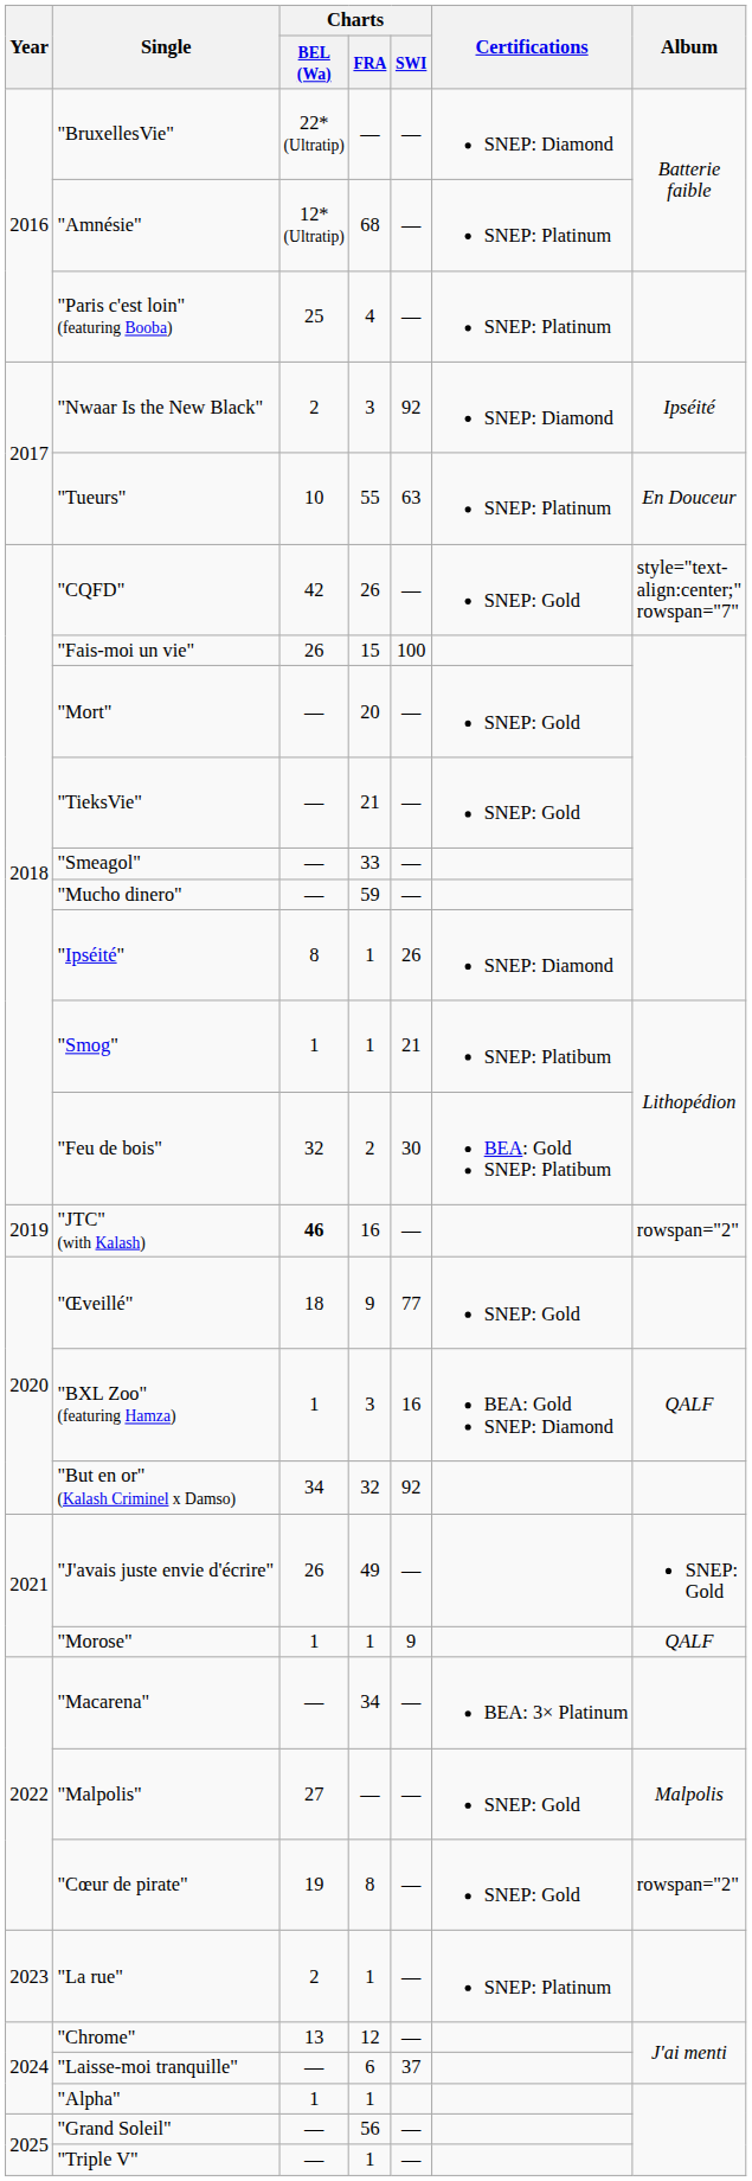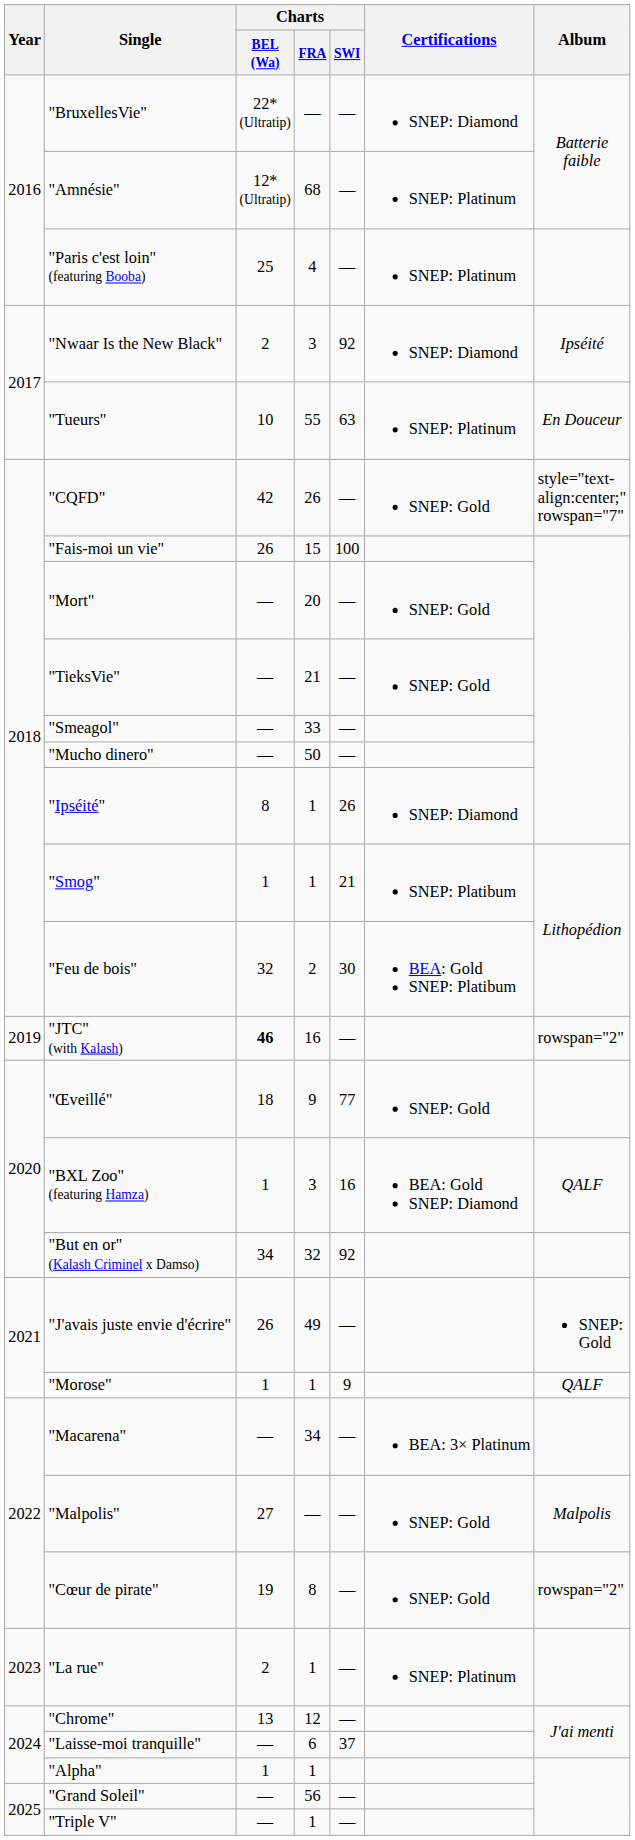 <table class="wikitable">
 <tr>
 <th style="text-align:center; width:10px" rowspan="2">Year</th>
 <th rowspan="2" style="text-align:center; width:180px;">Single</th>
 <th style="text-align:center;" colspan="3">Charts</th>
 <th align="center" rowspan="2"><a href='#'>Certifications</a></th>
 <th rowspan="2" style="text-align:center; width:80px;">Album</th>
 </tr>
 <tr>
 <th width="20"><small><a href='#'>BEL<br>(Wa)</a></small><br></th>
 <th width="20"><small><a href='#'>FRA</a><br></small></th>
 <th width="20"><small><a href='#'>SWI</a></small><br></th>
 </tr>
 <tr>
 <td style="text-align:center;" rowspan=3>2016</td>
 <td>"BruxellesVie"</td>
 <td style="text-align:center;">22* <br><small>(Ultratip)</small></td>
 <td style="text-align:center;">—</td>
 <td style="text-align:center;">—</td>
 <td><br><ul><li>SNEP: Diamond</li></ul></td>
 <td style="text-align:center;" rowspan=2><em>Batterie faible</em></td>
 </tr>
 <tr>
 <td>"Amnésie"</td>
 <td style="text-align:center;">12* <br><small>(Ultratip)</small></td>
 <td style="text-align:center;">68</td>
 <td style="text-align:center;">—</td>
 <td><br><ul><li>SNEP: Platinum</li></ul></td>
 </tr>
 <tr>
 <td>"Paris c'est loin" <br><small>(featuring <a href='#'>Booba</a>)</small></td>
 <td style="text-align:center;">25</td>
 <td style="text-align:center;">4</td>
 <td style="text-align:center;">—</td>
 <td><br><ul><li>SNEP: Platinum</li></ul></td>
 <td style="text-align:center;"></td>
 </tr>
 <tr>
 <td style="text-align:center;" rowspan="2">2017</td>
 <td>"Nwaar Is the New Black"</td>
 <td style="text-align:center;">2</td>
 <td style="text-align:center;">3</td>
 <td style="text-align:center;">92</td>
 <td><br><ul><li>SNEP: Diamond</li></ul></td>
 <td style="text-align:center;"><em>Ipséité</em></td>
 </tr>
 <tr>
 <td>"Tueurs"</td>
 <td style="text-align:center;">10</td>
 <td style="text-align:center;">55</td>
 <td style="text-align:center;">63</td>
 <td><br><ul><li>SNEP: Platinum</li></ul></td>
 <td style="text-align:center;"><em>En Douceur</em></td>
 </tr>
 <tr>
 <td style="text-align:center;" rowspan="9">2018</td>
 <td>"CQFD"</td>
 <td style="text-align:center;">42</td>
 <td style="text-align:center;">26</td>
 <td style="text-align:center;">—</td>
 <td><br><ul><li>SNEP: Gold</li></ul></td>
 <td>style="text-align:center;" rowspan="7" </td>
 </tr>
 <tr>
 <td>"Fais-moi un vie"</td>
 <td style="text-align:center;">26</td>
 <td style="text-align:center;">15</td>
 <td style="text-align:center;">100</td>
 <td></td>
 </tr>
 <tr>
 <td>"Mort"</td>
 <td style="text-align:center;">—</td>
 <td style="text-align:center;">20</td>
 <td style="text-align:center;">—</td>
 <td><br><ul><li>SNEP: Gold</li></ul></td>
 </tr>
 <tr>
 <td>"TieksVie"</td>
 <td style="text-align:center;">—</td>
 <td style="text-align:center;">21</td>
 <td style="text-align:center;">—</td>
 <td><br><ul><li>SNEP: Gold</li></ul></td>
 </tr>
 <tr>
 <td>"Smeagol"</td>
 <td style="text-align:center;">—</td>
 <td style="text-align:center;">33</td>
 <td style="text-align:center;">—</td>
 <td></td>
 </tr>
 <tr>
 <td>"Mucho dinero"</td>
 <td style="text-align:center;">—</td>
-<td style="text-align:center;">59</td>
+<td style="text-align:center;">50</td>
 <td style="text-align:center;">—</td>
 <td></td>
 </tr>
 <tr>
 <td>"<a href='#'>Ipséité</a>"</td>
 <td style="text-align:center;">8</td>
 <td style="text-align:center;">1</td>
 <td style="text-align:center;">26</td>
 <td><br><ul><li>SNEP: Diamond</li></ul></td>
 </tr>
 <tr>
 <td>"<a href='#'>Smog</a>"</td>
 <td style="text-align:center;">1</td>
 <td style="text-align:center;">1</td>
 <td style="text-align:center;">21</td>
 <td><br><ul><li>SNEP: Platibum</li></ul></td>
 <td style="text-align:center;" rowspan="2"><em>Lithopédion</em></td>
 </tr>
 <tr>
 <td>"Feu de bois"</td>
 <td style="text-align:center;">32</td>
 <td style="text-align:center;">2</td>
 <td style="text-align:center;">30</td>
 <td><br><ul><li><a href='#'>BEA</a>: Gold</li><li>SNEP: Platibum</li></ul></td>
 </tr>
 <tr>
 <td style="text-align:center;">2019</td>
 <td>"JTC"<br><small>(with <a href='#'>Kalash</a>)</small></td>
 <td style="text-align:center;"><strong>46</strong></td>
 <td style="text-align:center;">16</td>
 <td style="text-align:center;">—</td>
 <td></td>
 <td>rowspan="2" </td>
 </tr>
 <tr>
 <td style="text-align:center;" rowspan="3">2020</td>
 <td>"Œveillé"</td>
 <td style="text-align:center;">18</td>
 <td style="text-align:center;">9</td>
 <td style="text-align:center;">77</td>
 <td><br><ul><li>SNEP: Gold</li></ul></td>
 </tr>
 <tr>
 <td>"BXL Zoo"<br><small>(featuring <a href='#'>Hamza</a>)</small></td>
 <td style="text-align:center;">1</td>
 <td style="text-align:center;">3</td>
 <td style="text-align:center;">16</td>
 <td><br><ul><li>BEA: Gold</li><li>SNEP: Diamond</li></ul></td>
 <td style="text-align:center;"><em>QALF</em></td>
 </tr>
 <tr>
 <td>"But en or"<br><small>(<a href='#'>Kalash Criminel</a> x Damso)</small></td>
 <td style="text-align:center;">34</td>
 <td style="text-align:center;">32</td>
 <td style="text-align:center;">92</td>
 <td></td>
 <td></td>
 </tr>
 <tr>
 <td style="text-align:center;" rowspan="2">2021</td>
 <td>"J'avais juste envie d'écrire"</td>
 <td style="text-align:center;">26</td>
 <td style="text-align:center;">49</td>
 <td style="text-align:center;">—</td>
 <td></td>
 <td><br><ul><li>SNEP: Gold</li></ul></td>
 </tr>
 <tr>
 <td>"Morose"</td>
 <td style="text-align:center;">1</td>
 <td style="text-align:center;">1</td>
 <td style="text-align:center;">9</td>
 <td></td>
 <td style="text-align:center;"><em>QALF</em></td>
 </tr>
 <tr>
 <td style="text-align:center;" rowspan="3">2022</td>
 <td>"Macarena"</td>
 <td style="text-align:center;">—</td>
 <td style="text-align:center;">34</td>
 <td style="text-align:center;">—</td>
 <td><br><ul><li>BEA: 3× Platinum</li></ul></td>
 <td></td>
 </tr>
 <tr>
 <td>"Malpolis"<br></td>
 <td style="text-align:center;">27</td>
 <td style="text-align:center;">—</td>
 <td style="text-align:center;">—</td>
 <td><br><ul><li>SNEP: Gold</li></ul></td>
 <td style="text-align:center;"><em>Malpolis</em></td>
 </tr>
 <tr>
 <td>"Cœur de pirate"</td>
 <td style="text-align:center;">19</td>
 <td style="text-align:center;">8</td>
 <td style="text-align:center;">—</td>
 <td><br><ul><li>SNEP: Gold</li></ul></td>
 <td>rowspan="2" </td>
 </tr>
 <tr>
 <td style="text-align:center;">2023</td>
 <td>"La rue"<br></td>
 <td style="text-align:center;">2</td>
 <td style="text-align:center;">1</td>
 <td style="text-align:center;">—</td>
 <td><br><ul><li>SNEP: Platinum</li></ul></td>
 </tr>
 <tr>
 <td style="text-align:center;" rowspan="3">2024</td>
 <td>"Chrome"</td>
 <td style="text-align:center;">13</td>
 <td style="text-align:center;">12</td>
 <td style="text-align:center;">—</td>
 <td></td>
 <td style="text-align:center;" rowspan="2"><em>J'ai menti</em></td>
 </tr>
 <tr>
 <td>"Laisse-moi tranquille"</td>
 <td style="text-align:center;">—</td>
 <td style="text-align:center;">6</td>
 <td style="text-align:center;">37</td>
 <td></td>
 </tr>
 <tr>
 <td>"Alpha"</td>
 <td style="text-align:center;">1</td>
 <td style="text-align:center;">1</td>
 <td style="text-align:center;"></td>
 <td></td>
 </tr>
 <tr>
 <td style="text-align:center;" rowspan=2>2025</td>
 <td>"Grand Soleil"</td>
 <td style="text-align:center;">—</td>
 <td style="text-align:center;">56</td>
 <td style="text-align:center;">—</td>
 <td></td>
 </tr>
 <tr>
 <td>"Triple V"</td>
 <td style="text-align:center;">—</td>
 <td style="text-align:center;">1</td>
 <td style="text-align:center;">—</td>
 <td></td>
 </tr>
 </table>
